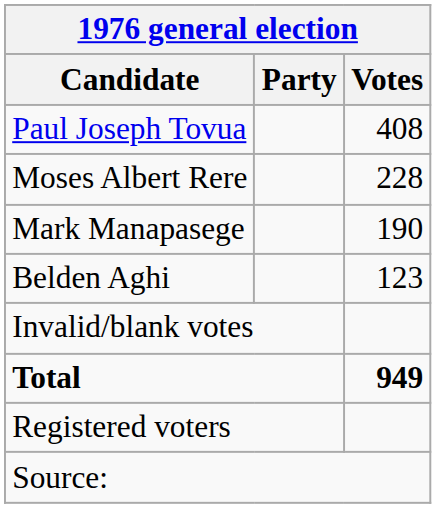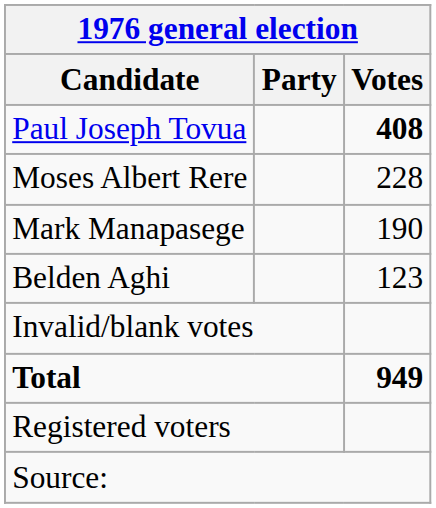 <table class=wikitable style=text-align:left>
 <tr>
 <th colspan=3><a href='#'>1976 general election</a></th>
 </tr>
 <tr>
 <th>Candidate</th>
 <th>Party</th>
 <th>Votes</th>
 </tr>
 <tr>
 <td><a href='#'>Paul Joseph Tovua</a></td>
 <td></td>
-<td align=right>408</td>
+<td align=right><strong>408</strong></td>
 </tr>
 <tr>
 <td>Moses Albert Rere</td>
 <td></td>
 <td align=right>228</td>
 </tr>
 <tr>
 <td>Mark Manapasege</td>
 <td></td>
 <td align=right>190</td>
 </tr>
 <tr>
 <td>Belden Aghi</td>
 <td></td>
 <td align=right>123</td>
 </tr>
 <tr>
 <td colspan=2>Invalid/blank votes</td>
 <td></td>
 </tr>
 <tr>
 <td colspan=2><strong>Total</strong></td>
 <td align=right><strong>949</strong></td>
 </tr>
 <tr>
 <td colspan=2>Registered voters</td>
 <td align=right></td>
 </tr>
 <tr>
 <td colspan=3>Source: </td>
 </tr>
 </table>
